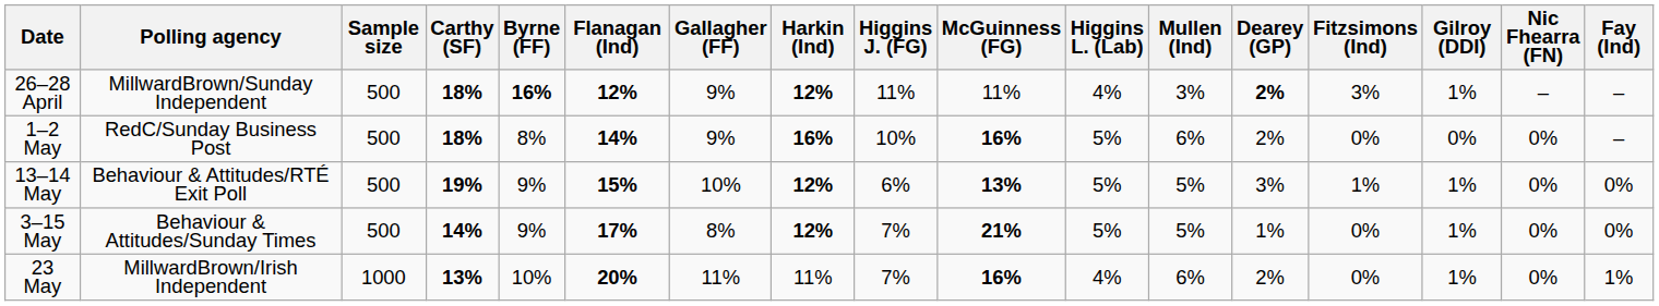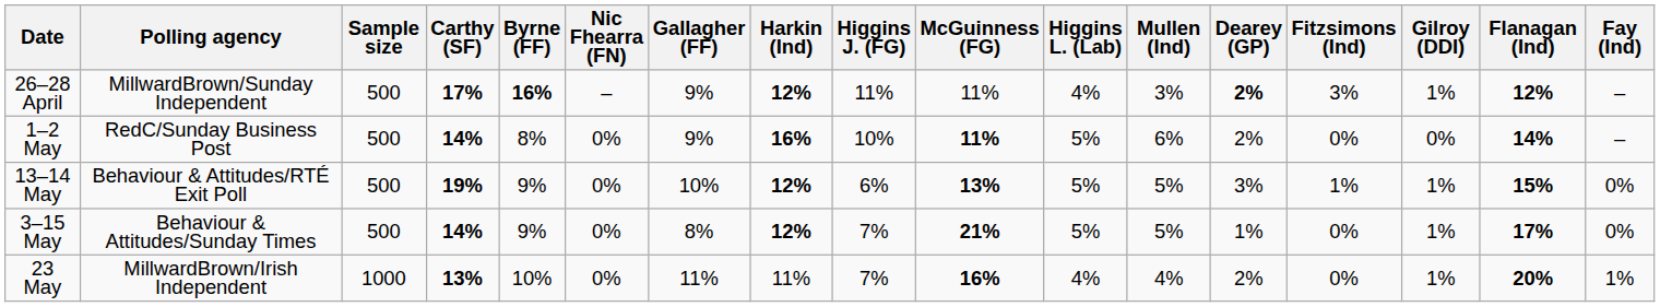 <table class="wikitable sortable" style="text-align:center;font-size:95%;line-height:14px">
 <tr>
 <th ! style="width:100px;">Date</th>
 <th ! style="width:300px;">Polling agency</th>
 <th ! class="unsortable" style="width:65px;">Sample size</th>
 <th ! class="unsortable" style="background:"><span>Carthy (SF)</span></th>
 <th ! class="unsortable" style="background:">Byrne (FF)</th>
-<th ! class="unsortable" style="width:90px;">Flanagan (Ind)</th>
+<th ! class="unsortable" style="background:">Nic Fhearra (FN)</th>
 <th ! class="unsortable" style="background:">Gallagher (FF)</th>
 <th ! class="unsortable" style="width:80px;">Harkin (Ind)</th>
 <th ! class="unsortable" style="background:">Higgins J. (FG)</th>
 <th ! class="unsortable" style="background:">McGuinness (FG)</th>
 <th ! class="unsortable" style="background:"><span>Higgins  L. (Lab)</span></th>
 <th ! class="unsortable" style="width:80px;">Mullen (Ind)</th>
 <th ! class="unsortable" style="background:">Dearey (GP)</th>
 <th ! class="unsortable" style="width:80px;">Fitzsimons (Ind)</th>
 <th ! class="unsortable" style="width:80px;">Gilroy (DDI)</th>
-<th ! class="unsortable" style="background:">Nic Fhearra (FN)</th>
+<th ! class="unsortable" style="width:90px;">Flanagan (Ind)</th>
 <th ! class="unsortable" style="width:80px;">Fay (Ind)</th>
 </tr>
 <tr>
 <td data-sort-value="2014-04-28">26–28 April</td>
 <td>MillwardBrown/Sunday Independent</td>
 <td>500</td>
-<td><strong>18%</strong></td>
+<td><strong>17%</strong></td>
 <td><strong>16%</strong></td>
-<td><strong>12%</strong></td>
+<td>–</td>
 <td>9%</td>
 <td><strong>12%</strong></td>
 <td>11%</td>
 <td>11%</td>
 <td>4%</td>
 <td>3%</td>
 <td><strong>2%</strong></td>
 <td>3%</td>
 <td>1%</td>
-<td>–</td>
+<td><strong>12%</strong></td>
 <td>–</td>
 </tr>
 <tr>
 <td data-sort-value="2014-04-16">1–2 May</td>
 <td>RedC/Sunday Business Post</td>
 <td>500</td>
-<td><strong>18%</strong></td>
+<td><strong>14%</strong></td>
 <td>8%</td>
-<td><strong>14%</strong></td>
+<td>0%</td>
 <td>9%</td>
 <td><strong>16%</strong></td>
 <td>10%</td>
-<td><strong>16%</strong></td>
+<td><strong>11%</strong></td>
 <td>5%</td>
 <td>6%</td>
 <td>2%</td>
 <td>0%</td>
 <td>0%</td>
-<td>0%</td>
+<td><strong>14%</strong></td>
 <td>–</td>
 </tr>
 <tr>
 <td data-sort-value="2014-05-17">13–14 May</td>
 <td>Behaviour & Attitudes/RTÉ Exit Poll</td>
 <td>500</td>
 <td><strong>19%</strong></td>
 <td>9%</td>
-<td><strong>15%</strong></td>
+<td>0%</td>
 <td>10%</td>
 <td><strong>12%</strong></td>
 <td>6%</td>
 <td><strong>13%</strong></td>
 <td>5%</td>
 <td>5%</td>
 <td>3%</td>
 <td>1%</td>
 <td>1%</td>
-<td>0%</td>
+<td><strong>15%</strong></td>
 <td>0%</td>
 </tr>
 <tr>
 <td data-sort-value="2014-05-17">3–15 May</td>
 <td>Behaviour & Attitudes/Sunday Times</td>
 <td>500</td>
 <td><strong>14%</strong></td>
 <td>9%</td>
-<td><strong>17%</strong></td>
+<td>0%</td>
 <td>8%</td>
 <td><strong>12%</strong></td>
 <td>7%</td>
 <td><strong>21%</strong></td>
 <td>5%</td>
 <td>5%</td>
 <td>1%</td>
 <td>0%</td>
 <td>1%</td>
-<td>0%</td>
+<td><strong>17%</strong></td>
 <td>0%</td>
 </tr>
 <tr>
 <td data-sort-value="2014-05-17">23 May</td>
 <td>MillwardBrown/Irish Independent</td>
 <td>1000</td>
 <td><strong>13%</strong></td>
 <td>10%</td>
-<td><strong>20%</strong></td>
+<td>0%</td>
 <td>11%</td>
 <td>11%</td>
 <td>7%</td>
 <td><strong>16%</strong></td>
 <td>4%</td>
-<td>6%</td>
+<td>4%</td>
 <td>2%</td>
 <td>0%</td>
 <td>1%</td>
-<td>0%</td>
+<td><strong>20%</strong></td>
 <td>1%</td>
 </tr>
 </table>
